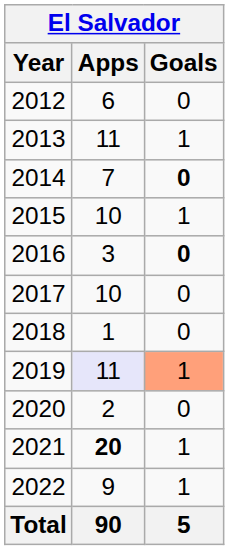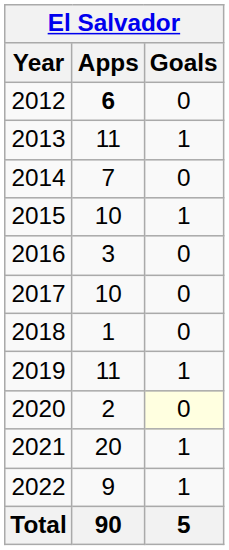 <table class="wikitable" style="text-align:center">
 <tr>
 <th colspan=3><a href='#'>El Salvador</a></th>
 </tr>
 <tr>
 <th>Year</th>
 <th>Apps</th>
 <th>Goals</th>
 </tr>
 <tr>
 <td>2012</td>
-<td>6</td>
+<td><strong>6</strong></td>
 <td>0</td>
 </tr>
 <tr>
 <td>2013</td>
 <td>11</td>
 <td>1</td>
 </tr>
 <tr>
 <td>2014</td>
 <td>7</td>
-<td><strong>0</strong></td>
+<td>0</td>
 </tr>
 <tr>
 <td>2015</td>
 <td>10</td>
 <td>1</td>
 </tr>
 <tr>
 <td>2016</td>
 <td>3</td>
-<td><strong>0</strong></td>
+<td>0</td>
 </tr>
 <tr>
 <td>2017</td>
 <td>10</td>
 <td>0</td>
 </tr>
 <tr>
 <td>2018</td>
 <td>1</td>
 <td>0</td>
 </tr>
 <tr>
 <td>2019</td>
-<td style="background: lavender;">11</td>
-<td style="background: lightsalmon;">1</td>
+<td>11</td>
+<td>1</td>
 </tr>
 <tr>
 <td>2020</td>
 <td>2</td>
-<td>0</td>
+<td style="background: lightyellow;">0</td>
 </tr>
 <tr>
 <td>2021</td>
-<td><strong>20</strong></td>
+<td>20</td>
 <td>1</td>
 </tr>
 <tr>
 <td>2022</td>
 <td>9</td>
 <td>1</td>
 </tr>
 <tr>
 <th>Total</th>
 <th>90</th>
 <th>5</th>
 </tr>
 </table>
